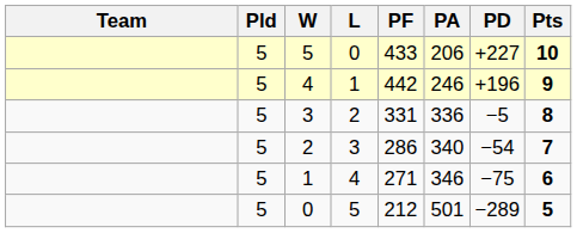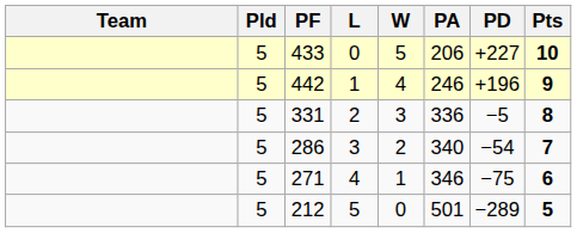 <table class=wikitable style="text-align:center">
 <tr>
 <th width=180>Team</th>
 <th width=30>Pld</th>
+<th width=30>PF</th>
+<th width=30>L</th>
 <th width=30>W</th>
-<th width=30>L</th>
-<th width=30>PF</th>
 <th width=30>PA</th>
 <th width=30>PD</th>
 <th width=30>Pts</th>
 </tr>
 <tr align=center bgcolor="#ffffcc">
 <td align=left></td>
 <td>5</td>
+<td>433</td>
+<td>0</td>
 <td>5</td>
-<td>0</td>
-<td>433</td>
 <td>206</td>
 <td>+227</td>
 <td><strong>10</strong></td>
 </tr>
 <tr align=center bgcolor="#ffffcc">
 <td align=left></td>
 <td>5</td>
+<td>442</td>
+<td>1</td>
 <td>4</td>
-<td>1</td>
-<td>442</td>
 <td>246</td>
 <td>+196</td>
 <td><strong>9</strong></td>
 </tr>
 <tr align=center>
 <td align=left></td>
 <td>5</td>
+<td>331</td>
+<td>2</td>
 <td>3</td>
-<td>2</td>
-<td>331</td>
 <td>336</td>
 <td>−5</td>
 <td><strong>8</strong></td>
 </tr>
 <tr align=center>
 <td align=left></td>
 <td>5</td>
+<td>286</td>
+<td>3</td>
 <td>2</td>
-<td>3</td>
-<td>286</td>
 <td>340</td>
 <td>−54</td>
 <td><strong>7</strong></td>
 </tr>
 <tr align=center>
 <td align=left></td>
 <td>5</td>
+<td>271</td>
+<td>4</td>
 <td>1</td>
-<td>4</td>
-<td>271</td>
 <td>346</td>
 <td>−75</td>
 <td><strong>6</strong></td>
 </tr>
 <tr align=center>
 <td align=left></td>
 <td>5</td>
+<td>212</td>
+<td>5</td>
 <td>0</td>
-<td>5</td>
-<td>212</td>
 <td>501</td>
 <td>−289</td>
 <td><strong>5</strong></td>
 </tr>
 </table>
